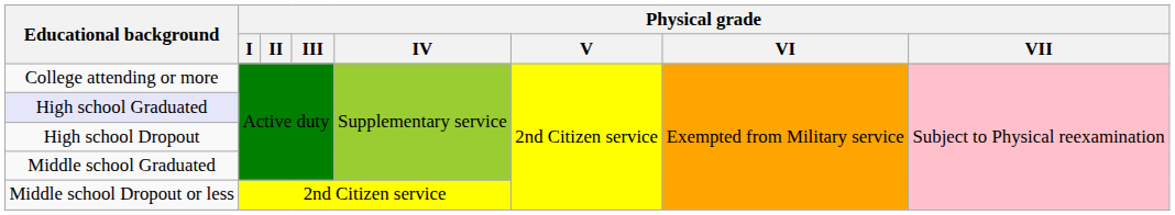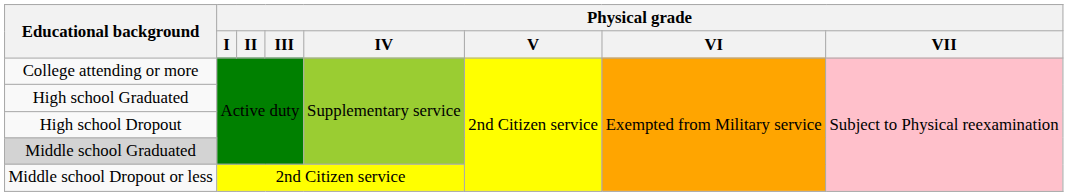 <table class="wikitable">
 <tr>
 <th rowspan="2">Educational background</th>
 <th colspan="7">Physical grade</th>
 </tr>
 <tr>
 <th>I</th>
 <th>II</th>
 <th>III</th>
 <th>IV</th>
 <th>V</th>
 <th>VI</th>
 <th>VII</th>
 </tr>
 <tr>
 <td div style="text-align:center">College attending or more</td>
 <td colspan="3" rowspan="4" div style="background:green; text-align:center;">Active duty</td>
 <td rowspan="4" div style="background:yellowgreen; text-align:center;">Supplementary service</td>
 <td rowspan="5" div style="background:yellow; text-align:center;">2nd Citizen service</td>
 <td rowspan="5" div style="background:orange; text-align:center;">Exempted from Military service</td>
 <td rowspan="5" div style="background:pink; text-align:center;">Subject to Physical reexamination</td>
 </tr>
 <tr>
-<td div style="background: lavender; text-align:center">High school Graduated</td>
+<td div style="text-align:center">High school Graduated</td>
 </tr>
 <tr>
 <td div style="text-align:center">High school Dropout</td>
 </tr>
 <tr>
-<td div style="text-align:center">Middle school Graduated</td>
+<td div style="background: lightgrey; text-align:center">Middle school Graduated</td>
 </tr>
 <tr>
 <td div style="text-align:center">Middle school Dropout or less</td>
 <td colspan="4" div style="background:yellow; text-align:center;">2nd Citizen service</td>
 </tr>
 </table>
